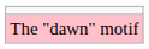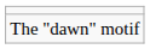 <table class="wikitable" style="float:right;">
 <tr>
 <td></td>
 </tr>
 <tr>
-<td style="background: pink;">The "dawn" motif</td>
+<td>The "dawn" motif</td>
 </tr>
 </table>
